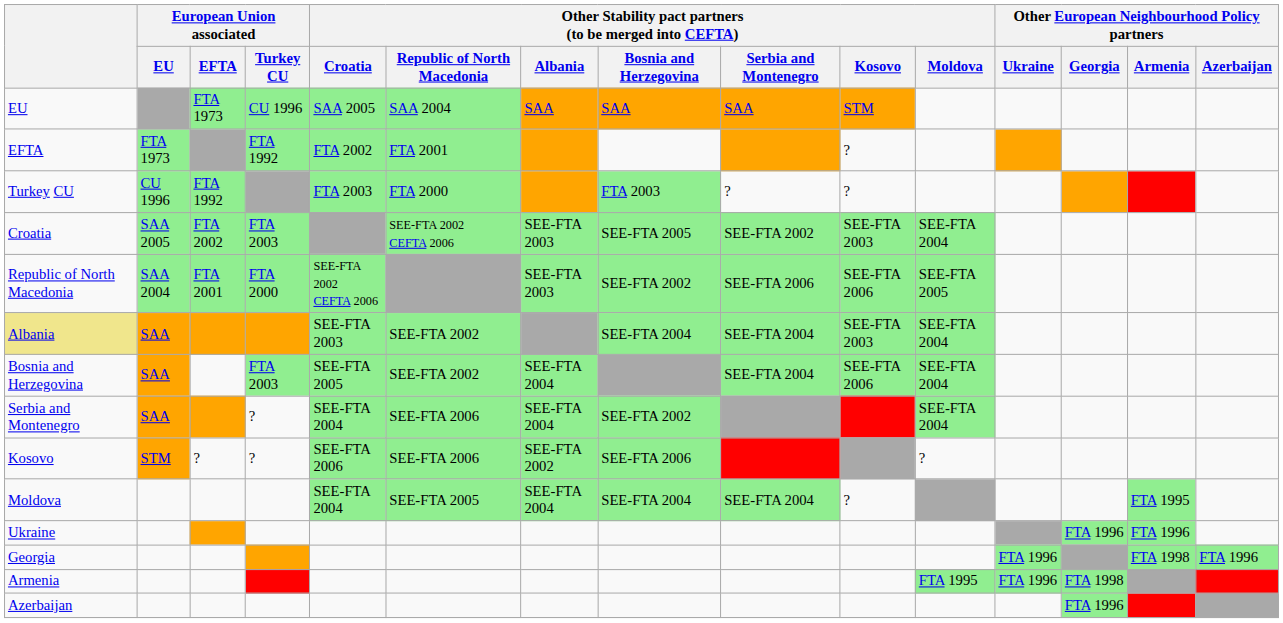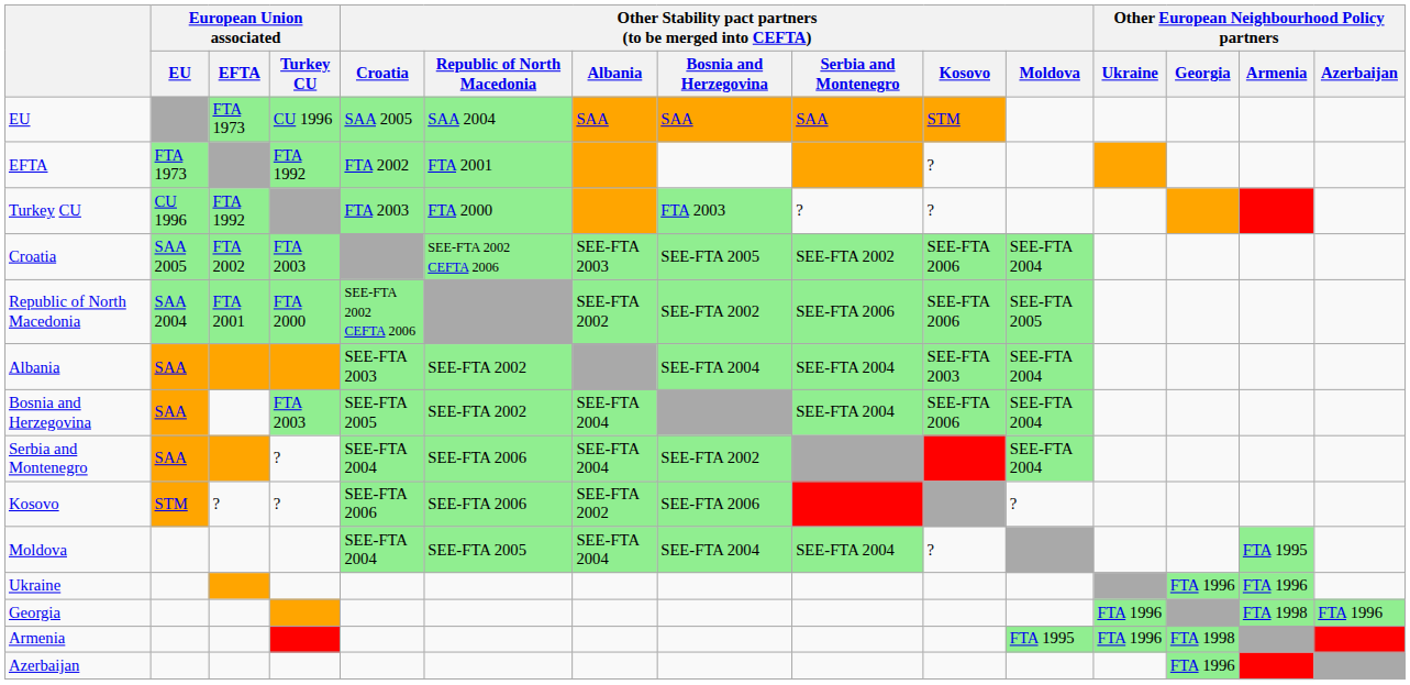 <table class="wikitable" style="font-size:90%;">
 <tr>
 <th rowspan=2> </th>
 <th colspan=3><a href='#'>European Union</a> associated</th>
 <th colspan=7>Other Stability pact partners<br>(to be merged into <a href='#'>CEFTA</a>)</th>
 <th colspan=4>Other <a href='#'>European Neighbourhood Policy</a> partners</th>
 </tr>
 <tr>
 <th><a href='#'>EU</a></th>
 <th><a href='#'>EFTA</a></th>
 <th><a href='#'>Turkey</a> <a href='#'>CU</a></th>
 <th><a href='#'>Croatia</a></th>
 <th><a href='#'>Republic of North Macedonia</a></th>
 <th><a href='#'>Albania</a></th>
 <th><a href='#'>Bosnia and Herzegovina</a></th>
 <th><a href='#'>Serbia and Montenegro</a></th>
 <th><a href='#'>Kosovo</a></th>
 <th><a href='#'>Moldova</a></th>
 <th><a href='#'>Ukraine</a></th>
 <th><a href='#'>Georgia</a></th>
 <th><a href='#'>Armenia</a></th>
 <th><a href='#'>Azerbaijan</a></th>
 </tr>
 <tr>
 <td><a href='#'>EU</a></td>
 <td bgcolor=darkgray></td>
 <td bgcolor=lightgreen><a href='#'>FTA</a> 1973</td>
 <td bgcolor=lightgreen><a href='#'>CU</a> 1996</td>
 <td bgcolor=lightgreen><a href='#'>SAA</a> 2005</td>
 <td bgcolor=lightgreen><a href='#'>SAA</a> 2004</td>
 <td bgcolor=orange><a href='#'>SAA</a></td>
 <td bgcolor=orange><a href='#'>SAA</a></td>
 <td bgcolor=orange><a href='#'>SAA</a></td>
 <td bgcolor=orange><a href='#'>STM</a></td>
 <td></td>
 <td></td>
 <td></td>
 <td></td>
 <td></td>
 </tr>
 <tr>
 <td><a href='#'>EFTA</a></td>
 <td bgcolor=lightgreen><a href='#'>FTA</a> 1973</td>
 <td bgcolor=darkgray></td>
 <td bgcolor=lightgreen><a href='#'>FTA</a> 1992</td>
 <td bgcolor=lightgreen><a href='#'>FTA</a> 2002</td>
 <td bgcolor=lightgreen><a href='#'>FTA</a> 2001</td>
 <td bgcolor=orange></td>
 <td></td>
 <td bgcolor=orange></td>
 <td>?</td>
 <td></td>
 <td bgcolor=orange></td>
 <td></td>
 <td></td>
 <td></td>
 </tr>
 <tr>
 <td><a href='#'>Turkey</a> <a href='#'>CU</a></td>
 <td bgcolor=lightgreen><a href='#'>CU</a> 1996</td>
 <td bgcolor=lightgreen><a href='#'>FTA</a> 1992</td>
 <td bgcolor=darkgray></td>
 <td bgcolor=lightgreen><a href='#'>FTA</a> 2003</td>
 <td bgcolor=lightgreen><a href='#'>FTA</a> 2000</td>
 <td bgcolor=orange></td>
 <td bgcolor=lightgreen><a href='#'>FTA</a> 2003</td>
 <td>?</td>
 <td>?</td>
 <td></td>
 <td></td>
 <td bgcolor=orange></td>
 <td bgcolor=red></td>
 <td></td>
 </tr>
 <tr>
 <td><a href='#'>Croatia</a></td>
 <td bgcolor=lightgreen><a href='#'>SAA</a> 2005</td>
 <td bgcolor=lightgreen><a href='#'>FTA</a> 2002</td>
 <td bgcolor=lightgreen><a href='#'>FTA</a> 2003</td>
 <td bgcolor=darkgray></td>
 <td bgcolor=lightgreen><small>SEE-FTA 2002<br><a href='#'>CEFTA</a> 2006</small></td>
 <td bgcolor=lightgreen>SEE-FTA 2003</td>
 <td bgcolor=lightgreen>SEE-FTA 2005</td>
 <td bgcolor=lightgreen>SEE-FTA 2002</td>
-<td bgcolor=lightgreen>SEE-FTA 2003</td>
+<td bgcolor=lightgreen>SEE-FTA 2006</td>
 <td bgcolor=lightgreen>SEE-FTA 2004</td>
 <td></td>
 <td></td>
 <td></td>
 <td></td>
 </tr>
 <tr>
 <td><a href='#'>Republic of North Macedonia</a></td>
 <td bgcolor=lightgreen><a href='#'>SAA</a> 2004</td>
 <td bgcolor=lightgreen><a href='#'>FTA</a> 2001</td>
 <td bgcolor=lightgreen><a href='#'>FTA</a> 2000</td>
 <td bgcolor=lightgreen><small>SEE-FTA 2002<br><a href='#'>CEFTA</a> 2006</small></td>
 <td bgcolor=darkgray></td>
-<td bgcolor=lightgreen>SEE-FTA 2003</td>
+<td bgcolor=lightgreen>SEE-FTA 2002</td>
 <td bgcolor=lightgreen>SEE-FTA 2002</td>
 <td bgcolor=lightgreen>SEE-FTA 2006</td>
 <td bgcolor=lightgreen>SEE-FTA 2006</td>
 <td bgcolor=lightgreen>SEE-FTA 2005</td>
 <td></td>
 <td></td>
 <td></td>
 <td></td>
 </tr>
 <tr>
-<td style="background: khaki;"><a href='#'>Albania</a></td>
+<td><a href='#'>Albania</a></td>
 <td bgcolor=orange><a href='#'>SAA</a></td>
 <td bgcolor=orange></td>
 <td bgcolor=orange></td>
 <td bgcolor=lightgreen>SEE-FTA 2003</td>
 <td bgcolor=lightgreen>SEE-FTA 2002</td>
 <td bgcolor=darkgray></td>
 <td bgcolor=lightgreen>SEE-FTA 2004</td>
 <td bgcolor=lightgreen>SEE-FTA 2004</td>
 <td bgcolor=lightgreen>SEE-FTA 2003</td>
 <td bgcolor=lightgreen>SEE-FTA 2004</td>
 <td></td>
 <td> </td>
 <td> </td>
 <td></td>
 </tr>
 <tr>
 <td><a href='#'>Bosnia and Herzegovina</a></td>
 <td bgcolor=orange><a href='#'>SAA</a></td>
 <td></td>
 <td bgcolor=lightgreen><a href='#'>FTA</a> 2003</td>
 <td bgcolor=lightgreen>SEE-FTA 2005</td>
 <td bgcolor=lightgreen>SEE-FTA 2002</td>
 <td bgcolor=lightgreen>SEE-FTA 2004</td>
 <td bgcolor=darkgray></td>
 <td bgcolor=lightgreen>SEE-FTA 2004</td>
 <td bgcolor=lightgreen>SEE-FTA 2006</td>
 <td bgcolor=lightgreen>SEE-FTA 2004</td>
 <td></td>
 <td></td>
 <td></td>
 <td></td>
 </tr>
 <tr>
 <td><a href='#'>Serbia and Montenegro</a></td>
 <td bgcolor=orange><a href='#'>SAA</a></td>
 <td bgcolor=orange></td>
 <td>?</td>
 <td bgcolor=lightgreen>SEE-FTA 2004</td>
 <td bgcolor=lightgreen>SEE-FTA 2006</td>
 <td bgcolor=lightgreen>SEE-FTA 2004</td>
 <td bgcolor=lightgreen>SEE-FTA 2002</td>
 <td bgcolor=darkgray></td>
 <td bgcolor=red></td>
 <td bgcolor=lightgreen>SEE-FTA 2004</td>
 <td></td>
 <td></td>
 <td></td>
 <td></td>
 </tr>
 <tr>
 <td><a href='#'>Kosovo</a></td>
 <td bgcolor=orange><a href='#'>STM</a></td>
 <td>?</td>
 <td>?</td>
 <td bgcolor=lightgreen>SEE-FTA 2006</td>
 <td bgcolor=lightgreen>SEE-FTA 2006</td>
 <td bgcolor=lightgreen>SEE-FTA 2002</td>
 <td bgcolor=lightgreen>SEE-FTA 2006</td>
 <td bgcolor=red></td>
 <td bgcolor=darkgray></td>
 <td>?</td>
 <td></td>
 <td></td>
 <td></td>
 <td></td>
 </tr>
 <tr>
 <td><a href='#'>Moldova</a></td>
 <td></td>
 <td></td>
 <td></td>
 <td bgcolor=lightgreen>SEE-FTA 2004</td>
 <td bgcolor=lightgreen>SEE-FTA 2005</td>
 <td bgcolor=lightgreen>SEE-FTA 2004</td>
 <td bgcolor=lightgreen>SEE-FTA 2004</td>
 <td bgcolor=lightgreen>SEE-FTA 2004</td>
 <td>?</td>
 <td bgcolor=darkgray></td>
 <td></td>
 <td></td>
 <td bgcolor=lightgreen><a href='#'>FTA</a> 1995</td>
 <td></td>
 </tr>
 <tr>
 <td><a href='#'>Ukraine</a></td>
 <td></td>
 <td bgcolor=orange></td>
 <td></td>
 <td></td>
 <td> </td>
 <td></td>
 <td></td>
 <td> </td>
 <td></td>
 <td></td>
 <td bgcolor=darkgray></td>
 <td bgcolor=lightgreen><a href='#'>FTA</a> 1996</td>
 <td bgcolor=lightgreen><a href='#'>FTA</a> 1996</td>
 <td></td>
 </tr>
 <tr>
 <td><a href='#'>Georgia</a></td>
 <td></td>
 <td></td>
 <td bgcolor=orange></td>
 <td></td>
 <td></td>
 <td></td>
 <td></td>
 <td></td>
 <td></td>
 <td></td>
 <td bgcolor=lightgreen><a href='#'>FTA</a> 1996</td>
 <td bgcolor=darkgray></td>
 <td bgcolor=lightgreen><a href='#'>FTA</a> 1998</td>
 <td bgcolor=lightgreen><a href='#'>FTA</a> 1996</td>
 </tr>
 <tr>
 <td><a href='#'>Armenia</a></td>
 <td></td>
 <td></td>
 <td bgcolor=red></td>
 <td></td>
 <td></td>
 <td></td>
 <td></td>
 <td></td>
 <td></td>
 <td bgcolor=lightgreen><a href='#'>FTA</a> 1995</td>
 <td bgcolor=lightgreen><a href='#'>FTA</a> 1996</td>
 <td bgcolor=lightgreen><a href='#'>FTA</a> 1998</td>
 <td bgcolor=darkgray></td>
 <td bgcolor=red></td>
 </tr>
 <tr>
 <td><a href='#'>Azerbaijan</a></td>
 <td></td>
 <td></td>
 <td></td>
 <td></td>
 <td></td>
 <td></td>
 <td></td>
 <td></td>
 <td></td>
 <td></td>
 <td></td>
 <td bgcolor=lightgreen><a href='#'>FTA</a> 1996</td>
 <td bgcolor=red></td>
 <td bgcolor=darkgray></td>
 </tr>
 <tr>
 </tr>
 </table>
